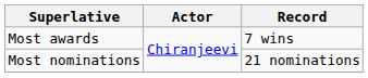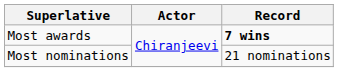 <table class="wikitable">
 <tr>
 <th>Superlative</th>
 <th>Actor</th>
 <th>Record</th>
 </tr>
 <tr>
 <td>Most awards</td>
 <td rowspan="2"><a href='#'>Chiranjeevi</a></td>
-<td>7 wins</td>
+<td><strong>7 wins</strong></td>
 </tr>
 <tr>
 <td>Most nominations</td>
 <td>21 nominations</td>
 </tr>
 <tr>
 </tr>
 </table>
